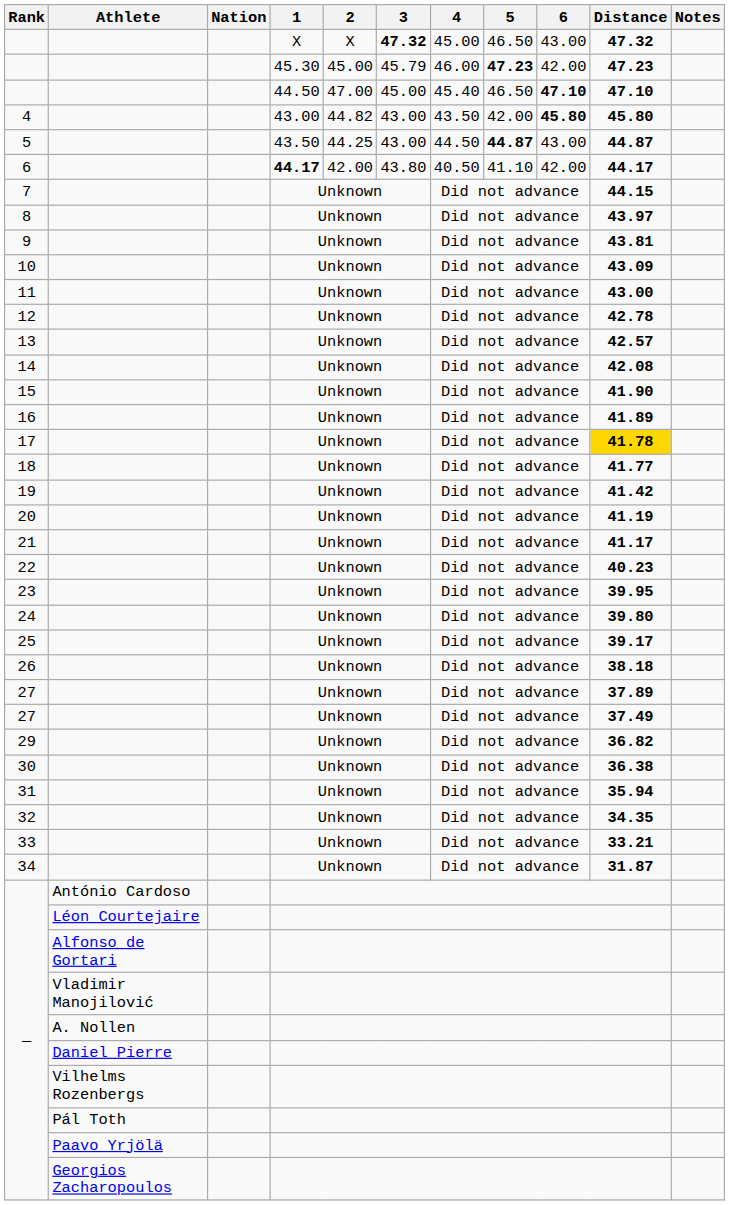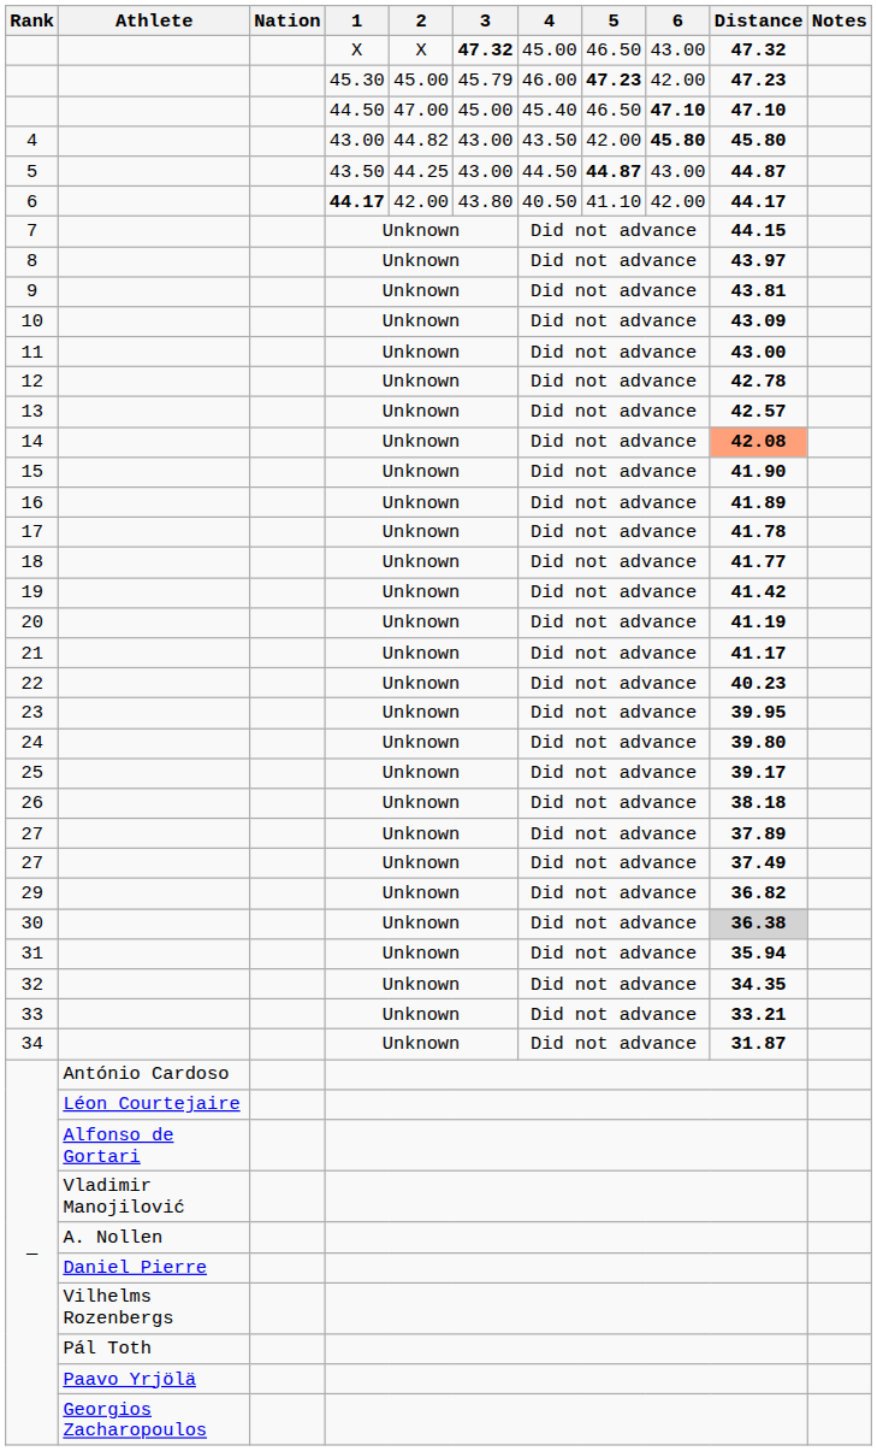 <table class="wikitable sortable" style="text-align:center">
 <tr>
 <th data-sort-type=number>Rank</th>
 <th>Athlete</th>
 <th>Nation</th>
 <th data-sort-type=number>1</th>
 <th data-sort-type=number>2</th>
 <th data-sort-type=number>3</th>
 <th data-sort-type=number>4</th>
 <th data-sort-type=number>5</th>
 <th data-sort-type=number>6</th>
 <th data-sort-type=number>Distance</th>
 <th>Notes</th>
 </tr>
 <tr>
 <td></td>
 <td align=left></td>
 <td align=left></td>
 <td data-sort-value=1.00>X</td>
 <td data-sort-value=1.00>X</td>
 <td><strong>47.32</strong> </td>
 <td>45.00</td>
 <td>46.50</td>
 <td>43.00</td>
 <td><strong>47.32</strong></td>
 <td></td>
 </tr>
 <tr>
 <td></td>
 <td align=left></td>
 <td align=left></td>
 <td>45.30</td>
 <td>45.00</td>
 <td>45.79</td>
 <td>46.00</td>
 <td><strong>47.23</strong></td>
 <td>42.00</td>
 <td><strong>47.23</strong></td>
 <td></td>
 </tr>
 <tr>
 <td></td>
 <td align=left></td>
 <td align=left></td>
 <td>44.50</td>
 <td>47.00 </td>
 <td>45.00</td>
 <td>45.40</td>
 <td>46.50</td>
 <td><strong>47.10</strong></td>
 <td><strong>47.10</strong></td>
 <td></td>
 </tr>
 <tr>
 <td>4</td>
 <td align=left></td>
 <td align=left></td>
 <td>43.00</td>
 <td>44.82</td>
 <td>43.00</td>
 <td>43.50</td>
 <td>42.00</td>
 <td><strong>45.80</strong></td>
 <td><strong>45.80</strong></td>
 <td></td>
 </tr>
 <tr>
 <td>5</td>
 <td align=left></td>
 <td align=left></td>
 <td>43.50</td>
 <td>44.25</td>
 <td>43.00</td>
 <td>44.50</td>
 <td><strong>44.87</strong></td>
 <td>43.00</td>
 <td><strong>44.87</strong></td>
 <td></td>
 </tr>
 <tr>
 <td>6</td>
 <td align=left></td>
 <td align=left></td>
 <td><strong>44.17</strong></td>
 <td>42.00</td>
 <td>43.80</td>
 <td>40.50</td>
 <td>41.10</td>
 <td>42.00</td>
 <td><strong>44.17</strong></td>
 <td></td>
 </tr>
 <tr>
 <td>7</td>
 <td align=left></td>
 <td align=left></td>
 <td colspan=3 data-sort-value=44.15>Unknown</td>
 <td colspan=3 data-sort-value=0.00>Did not advance</td>
 <td><strong>44.15</strong></td>
 <td></td>
 </tr>
 <tr>
 <td>8</td>
 <td align=left></td>
 <td align=left></td>
 <td colspan=3 data-sort-value=43.97>Unknown</td>
 <td colspan=3 data-sort-value=0.00>Did not advance</td>
 <td><strong>43.97</strong></td>
 <td></td>
 </tr>
 <tr>
 <td>9</td>
 <td align=left></td>
 <td align=left></td>
 <td colspan=3 data-sort-value=43.81>Unknown</td>
 <td colspan=3 data-sort-value=0.00>Did not advance</td>
 <td><strong>43.81</strong></td>
 <td></td>
 </tr>
 <tr>
 <td>10</td>
 <td align=left></td>
 <td align=left></td>
 <td colspan=3 data-sort-value=43.09>Unknown</td>
 <td colspan=3 data-sort-value=0.00>Did not advance</td>
 <td><strong>43.09</strong></td>
 <td></td>
 </tr>
 <tr>
 <td>11</td>
 <td align=left></td>
 <td align=left></td>
 <td colspan=3 data-sort-value=43.00>Unknown</td>
 <td colspan=3 data-sort-value=0.00>Did not advance</td>
 <td><strong>43.00</strong></td>
 <td></td>
 </tr>
 <tr>
 <td>12</td>
 <td align=left></td>
 <td align=left></td>
 <td colspan=3 data-sort-value=42.78>Unknown</td>
 <td colspan=3 data-sort-value=0.00>Did not advance</td>
 <td><strong>42.78</strong></td>
 <td></td>
 </tr>
 <tr>
 <td>13</td>
 <td align=left></td>
 <td align=left></td>
 <td colspan=3 data-sort-value=42.57>Unknown</td>
 <td colspan=3 data-sort-value=0.00>Did not advance</td>
 <td><strong>42.57</strong></td>
 <td></td>
 </tr>
 <tr>
 <td>14</td>
 <td align=left></td>
 <td align=left></td>
 <td colspan=3 data-sort-value=42.08>Unknown</td>
 <td colspan=3 data-sort-value=0.00>Did not advance</td>
-<td><strong>42.08</strong></td>
+<td style="background: lightsalmon;"><strong>42.08</strong></td>
 <td></td>
 </tr>
 <tr>
 <td>15</td>
 <td align=left></td>
 <td align=left></td>
 <td colspan=3 data-sort-value=41.90>Unknown</td>
 <td colspan=3 data-sort-value=0.00>Did not advance</td>
 <td><strong>41.90</strong></td>
 <td></td>
 </tr>
 <tr>
 <td>16</td>
 <td align=left></td>
 <td align=left></td>
 <td colspan=3 data-sort-value=41.89>Unknown</td>
 <td colspan=3 data-sort-value=0.00>Did not advance</td>
 <td><strong>41.89</strong></td>
 <td></td>
 </tr>
 <tr>
 <td>17</td>
 <td align=left></td>
 <td align=left></td>
 <td colspan=3 data-sort-value=41.78>Unknown</td>
 <td colspan=3 data-sort-value=0.00>Did not advance</td>
-<td style="background: gold;"><strong>41.78</strong></td>
+<td><strong>41.78</strong></td>
 <td></td>
 </tr>
 <tr>
 <td>18</td>
 <td align=left></td>
 <td align=left></td>
 <td colspan=3 data-sort-value=41.77>Unknown</td>
 <td colspan=3 data-sort-value=0.00>Did not advance</td>
 <td><strong>41.77</strong></td>
 <td></td>
 </tr>
 <tr>
 <td>19</td>
 <td align=left></td>
 <td align=left></td>
 <td colspan=3 data-sort-value=41.42>Unknown</td>
 <td colspan=3 data-sort-value=0.00>Did not advance</td>
 <td><strong>41.42</strong></td>
 <td></td>
 </tr>
 <tr>
 <td>20</td>
 <td align=left></td>
 <td align=left></td>
 <td colspan=3 data-sort-value=41.19>Unknown</td>
 <td colspan=3 data-sort-value=0.00>Did not advance</td>
 <td><strong>41.19</strong></td>
 <td></td>
 </tr>
 <tr>
 <td>21</td>
 <td align=left></td>
 <td align=left></td>
 <td colspan=3 data-sort-value=41.17>Unknown</td>
 <td colspan=3 data-sort-value=0.00>Did not advance</td>
 <td><strong>41.17</strong></td>
 <td></td>
 </tr>
 <tr>
 <td>22</td>
 <td align=left></td>
 <td align=left></td>
 <td colspan=3 data-sort-value=40.23>Unknown</td>
 <td colspan=3 data-sort-value=0.00>Did not advance</td>
 <td><strong>40.23</strong></td>
 <td></td>
 </tr>
 <tr>
 <td>23</td>
 <td align=left></td>
 <td align=left></td>
 <td colspan=3 data-sort-value=39.95>Unknown</td>
 <td colspan=3 data-sort-value=0.00>Did not advance</td>
 <td><strong>39.95</strong></td>
 <td></td>
 </tr>
 <tr>
 <td>24</td>
 <td align=left></td>
 <td align=left></td>
 <td colspan=3 data-sort-value=39.80>Unknown</td>
 <td colspan=3 data-sort-value=0.00>Did not advance</td>
 <td><strong>39.80</strong></td>
 <td></td>
 </tr>
 <tr>
 <td>25</td>
 <td align=left></td>
 <td align=left></td>
 <td colspan=3 data-sort-value=39.17>Unknown</td>
 <td colspan=3 data-sort-value=0.00>Did not advance</td>
 <td><strong>39.17</strong></td>
 <td></td>
 </tr>
 <tr>
 <td>26</td>
 <td align=left></td>
 <td align=left></td>
 <td colspan=3 data-sort-value=38.18>Unknown</td>
 <td colspan=3 data-sort-value=0.00>Did not advance</td>
 <td><strong>38.18</strong></td>
 <td></td>
 </tr>
 <tr>
 <td>27</td>
 <td align=left></td>
 <td align=left></td>
 <td colspan=3 data-sort-value=37.89>Unknown</td>
 <td colspan=3 data-sort-value=0.00>Did not advance</td>
 <td><strong>37.89</strong></td>
 <td></td>
 </tr>
 <tr>
 <td>27</td>
 <td align=left></td>
 <td align=left></td>
 <td colspan=3 data-sort-value=37.49>Unknown</td>
 <td colspan=3 data-sort-value=0.00>Did not advance</td>
 <td><strong>37.49</strong></td>
 <td></td>
 </tr>
 <tr>
 <td>29</td>
 <td align=left></td>
 <td align=left></td>
 <td colspan=3 data-sort-value=36.82>Unknown</td>
 <td colspan=3 data-sort-value=0.00>Did not advance</td>
 <td><strong>36.82</strong></td>
 <td></td>
 </tr>
 <tr>
 <td>30</td>
 <td align=left></td>
 <td align=left></td>
 <td colspan=3 data-sort-value=36.38>Unknown</td>
 <td colspan=3 data-sort-value=0.00>Did not advance</td>
-<td><strong>36.38</strong></td>
+<td style="background: lightgrey;"><strong>36.38</strong></td>
 <td></td>
 </tr>
 <tr>
 <td>31</td>
 <td align=left></td>
 <td align=left></td>
 <td colspan=3 data-sort-value=35.94>Unknown</td>
 <td colspan=3 data-sort-value=0.00>Did not advance</td>
 <td><strong>35.94</strong></td>
 <td></td>
 </tr>
 <tr>
 <td>32</td>
 <td align=left></td>
 <td align=left></td>
 <td colspan=3 data-sort-value=34.35>Unknown</td>
 <td colspan=3 data-sort-value=0.00>Did not advance</td>
 <td><strong>34.35</strong></td>
 <td></td>
 </tr>
 <tr>
 <td>33</td>
 <td align=left></td>
 <td align=left></td>
 <td colspan=3 data-sort-value=33.21>Unknown</td>
 <td colspan=3 data-sort-value=0.00>Did not advance</td>
 <td><strong>33.21</strong></td>
 <td></td>
 </tr>
 <tr>
 <td>34</td>
 <td align=left></td>
 <td align=left></td>
 <td colspan=3 data-sort-value=31.87>Unknown</td>
 <td colspan=3 data-sort-value=0.00>Did not advance</td>
 <td><strong>31.87</strong></td>
 <td></td>
 </tr>
 <tr>
 <td rowspan=10 data-sort-value=35>—</td>
 <td align=left data-sort-value="Cardoso, António">António Cardoso</td>
 <td align=left></td>
 <td colspan=7 data-sort-value=0.00></td>
 <td></td>
 </tr>
 <tr>
 <td align=left data-sort-value="Courtejaire, Léon"><a href='#'>Léon Courtejaire</a></td>
 <td align=left></td>
 <td colspan=7 data-sort-value=0.00></td>
 <td></td>
 </tr>
 <tr>
 <td align=left data-sort-value="Gortari, Alfonso de"><a href='#'>Alfonso de Gortari</a></td>
 <td align=left></td>
 <td colspan=7 data-sort-value=0.00></td>
 <td></td>
 </tr>
 <tr>
 <td align=left data-sort-value="Manojilović, Vladimir">Vladimir Manojilović</td>
 <td align=left></td>
 <td colspan=7 data-sort-value=0.00></td>
 <td></td>
 </tr>
 <tr>
 <td align=left data-sort-value="Nollen, A.">A. Nollen</td>
 <td align=left></td>
 <td colspan=7 data-sort-value=0.00></td>
 <td></td>
 </tr>
 <tr>
 <td align=left data-sort-value="Pierre, Daniel"><a href='#'>Daniel Pierre</a></td>
 <td align=left></td>
 <td colspan=7 data-sort-value=0.00></td>
 <td></td>
 </tr>
 <tr>
 <td align=left data-sort-value="Rozenbergs, Vilhelms">Vilhelms Rozenbergs</td>
 <td align=left></td>
 <td colspan=7 data-sort-value=0.00></td>
 <td></td>
 </tr>
 <tr>
 <td align=left data-sort-value="Toth, Pál">Pál Toth</td>
 <td align=left></td>
 <td colspan=7 data-sort-value=0.00></td>
 <td></td>
 </tr>
 <tr>
 <td align=left data-sort-value="Yrjölä, Paavo"><a href='#'>Paavo Yrjölä</a></td>
 <td align=left></td>
 <td colspan=7 data-sort-value=0.00></td>
 <td></td>
 </tr>
 <tr>
 <td align=left data-sort-value="Zacharopoulos, Georgios"><a href='#'>Georgios Zacharopoulos</a></td>
 <td align=left></td>
 <td colspan=7 data-sort-value=0.00></td>
 <td></td>
 </tr>
 </table>
